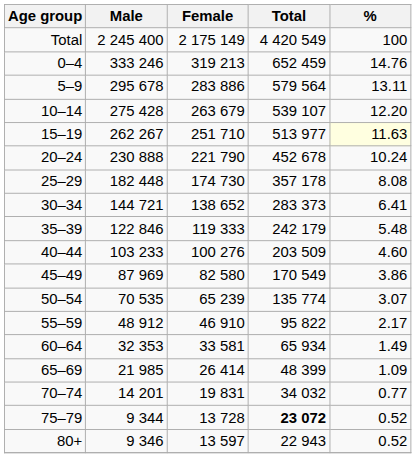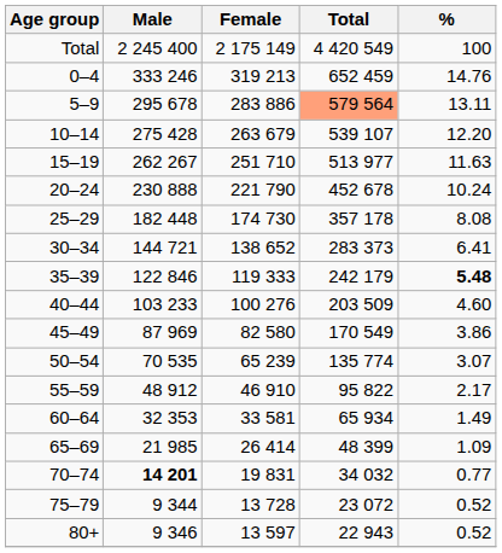 <table class="wikitable">
 <tr>
 <th width="80pt">Age group</th>
 <th width="80pt">Male</th>
 <th width="80pt">Female</th>
 <th width="80pt">Total</th>
 <th width="80pt">%</th>
 </tr>
 <tr>
 <td style="text-align:right">Total</td>
 <td style="text-align:right">2 245 400</td>
 <td style="text-align:right">2 175 149</td>
 <td style="text-align:right">4 420 549</td>
 <td style="text-align:right">100</td>
 </tr>
 <tr>
 <td style="text-align:right">0–4</td>
 <td style="text-align:right">333 246</td>
 <td style="text-align:right">319 213</td>
 <td style="text-align:right">652 459</td>
 <td style="text-align:right">14.76</td>
 </tr>
 <tr>
 <td style="text-align:right">5–9</td>
 <td style="text-align:right">295 678</td>
 <td style="text-align:right">283 886</td>
-<td style="text-align:right">579 564</td>
+<td style="background: lightsalmon; text-align:right">579 564</td>
 <td style="text-align:right">13.11</td>
 </tr>
 <tr>
 <td style="text-align:right">10–14</td>
 <td style="text-align:right">275 428</td>
 <td style="text-align:right">263 679</td>
 <td style="text-align:right">539 107</td>
 <td style="text-align:right">12.20</td>
 </tr>
 <tr>
 <td style="text-align:right">15–19</td>
 <td style="text-align:right">262 267</td>
 <td style="text-align:right">251 710</td>
 <td style="text-align:right">513 977</td>
-<td style="background: lightyellow; text-align:right">11.63</td>
+<td style="text-align:right">11.63</td>
 </tr>
 <tr>
 <td style="text-align:right">20–24</td>
 <td style="text-align:right">230 888</td>
 <td style="text-align:right">221 790</td>
 <td style="text-align:right">452 678</td>
 <td style="text-align:right">10.24</td>
 </tr>
 <tr>
 <td style="text-align:right">25–29</td>
 <td style="text-align:right">182 448</td>
 <td style="text-align:right">174 730</td>
 <td style="text-align:right">357 178</td>
 <td style="text-align:right">8.08</td>
 </tr>
 <tr>
 <td style="text-align:right">30–34</td>
 <td style="text-align:right">144 721</td>
 <td style="text-align:right">138 652</td>
 <td style="text-align:right">283 373</td>
 <td style="text-align:right">6.41</td>
 </tr>
 <tr>
 <td style="text-align:right">35–39</td>
 <td style="text-align:right">122 846</td>
 <td style="text-align:right">119 333</td>
 <td style="text-align:right">242 179</td>
-<td style="text-align:right">5.48</td>
+<td style="text-align:right"><strong>5.48</strong></td>
 </tr>
 <tr>
 <td style="text-align:right">40–44</td>
 <td style="text-align:right">103 233</td>
 <td style="text-align:right">100 276</td>
 <td style="text-align:right">203 509</td>
 <td style="text-align:right">4.60</td>
 </tr>
 <tr>
 <td style="text-align:right">45–49</td>
 <td style="text-align:right">87 969</td>
 <td style="text-align:right">82 580</td>
 <td style="text-align:right">170 549</td>
 <td style="text-align:right">3.86</td>
 </tr>
 <tr>
 <td style="text-align:right">50–54</td>
 <td style="text-align:right">70 535</td>
 <td style="text-align:right">65 239</td>
 <td style="text-align:right">135 774</td>
 <td style="text-align:right">3.07</td>
 </tr>
 <tr>
 <td style="text-align:right">55–59</td>
 <td style="text-align:right">48 912</td>
 <td style="text-align:right">46 910</td>
 <td style="text-align:right">95 822</td>
 <td style="text-align:right">2.17</td>
 </tr>
 <tr>
 <td style="text-align:right">60–64</td>
 <td style="text-align:right">32 353</td>
 <td style="text-align:right">33 581</td>
 <td style="text-align:right">65 934</td>
 <td style="text-align:right">1.49</td>
 </tr>
 <tr>
 <td style="text-align:right">65–69</td>
 <td style="text-align:right">21 985</td>
 <td style="text-align:right">26 414</td>
 <td style="text-align:right">48 399</td>
 <td style="text-align:right">1.09</td>
 </tr>
 <tr>
 <td style="text-align:right">70–74</td>
-<td style="text-align:right">14 201</td>
+<td style="text-align:right"><strong>14 201</strong></td>
 <td style="text-align:right">19 831</td>
 <td style="text-align:right">34 032</td>
 <td style="text-align:right">0.77</td>
 </tr>
 <tr>
 <td style="text-align:right">75–79</td>
 <td style="text-align:right">9 344</td>
 <td style="text-align:right">13 728</td>
-<td style="text-align:right"><strong>23 072</strong></td>
+<td style="text-align:right">23 072</td>
 <td style="text-align:right">0.52</td>
 </tr>
 <tr>
 <td style="text-align:right">80+</td>
 <td style="text-align:right">9 346</td>
 <td style="text-align:right">13 597</td>
 <td style="text-align:right">22 943</td>
 <td style="text-align:right">0.52</td>
 </tr>
 <tr>
 </tr>
 </table>
